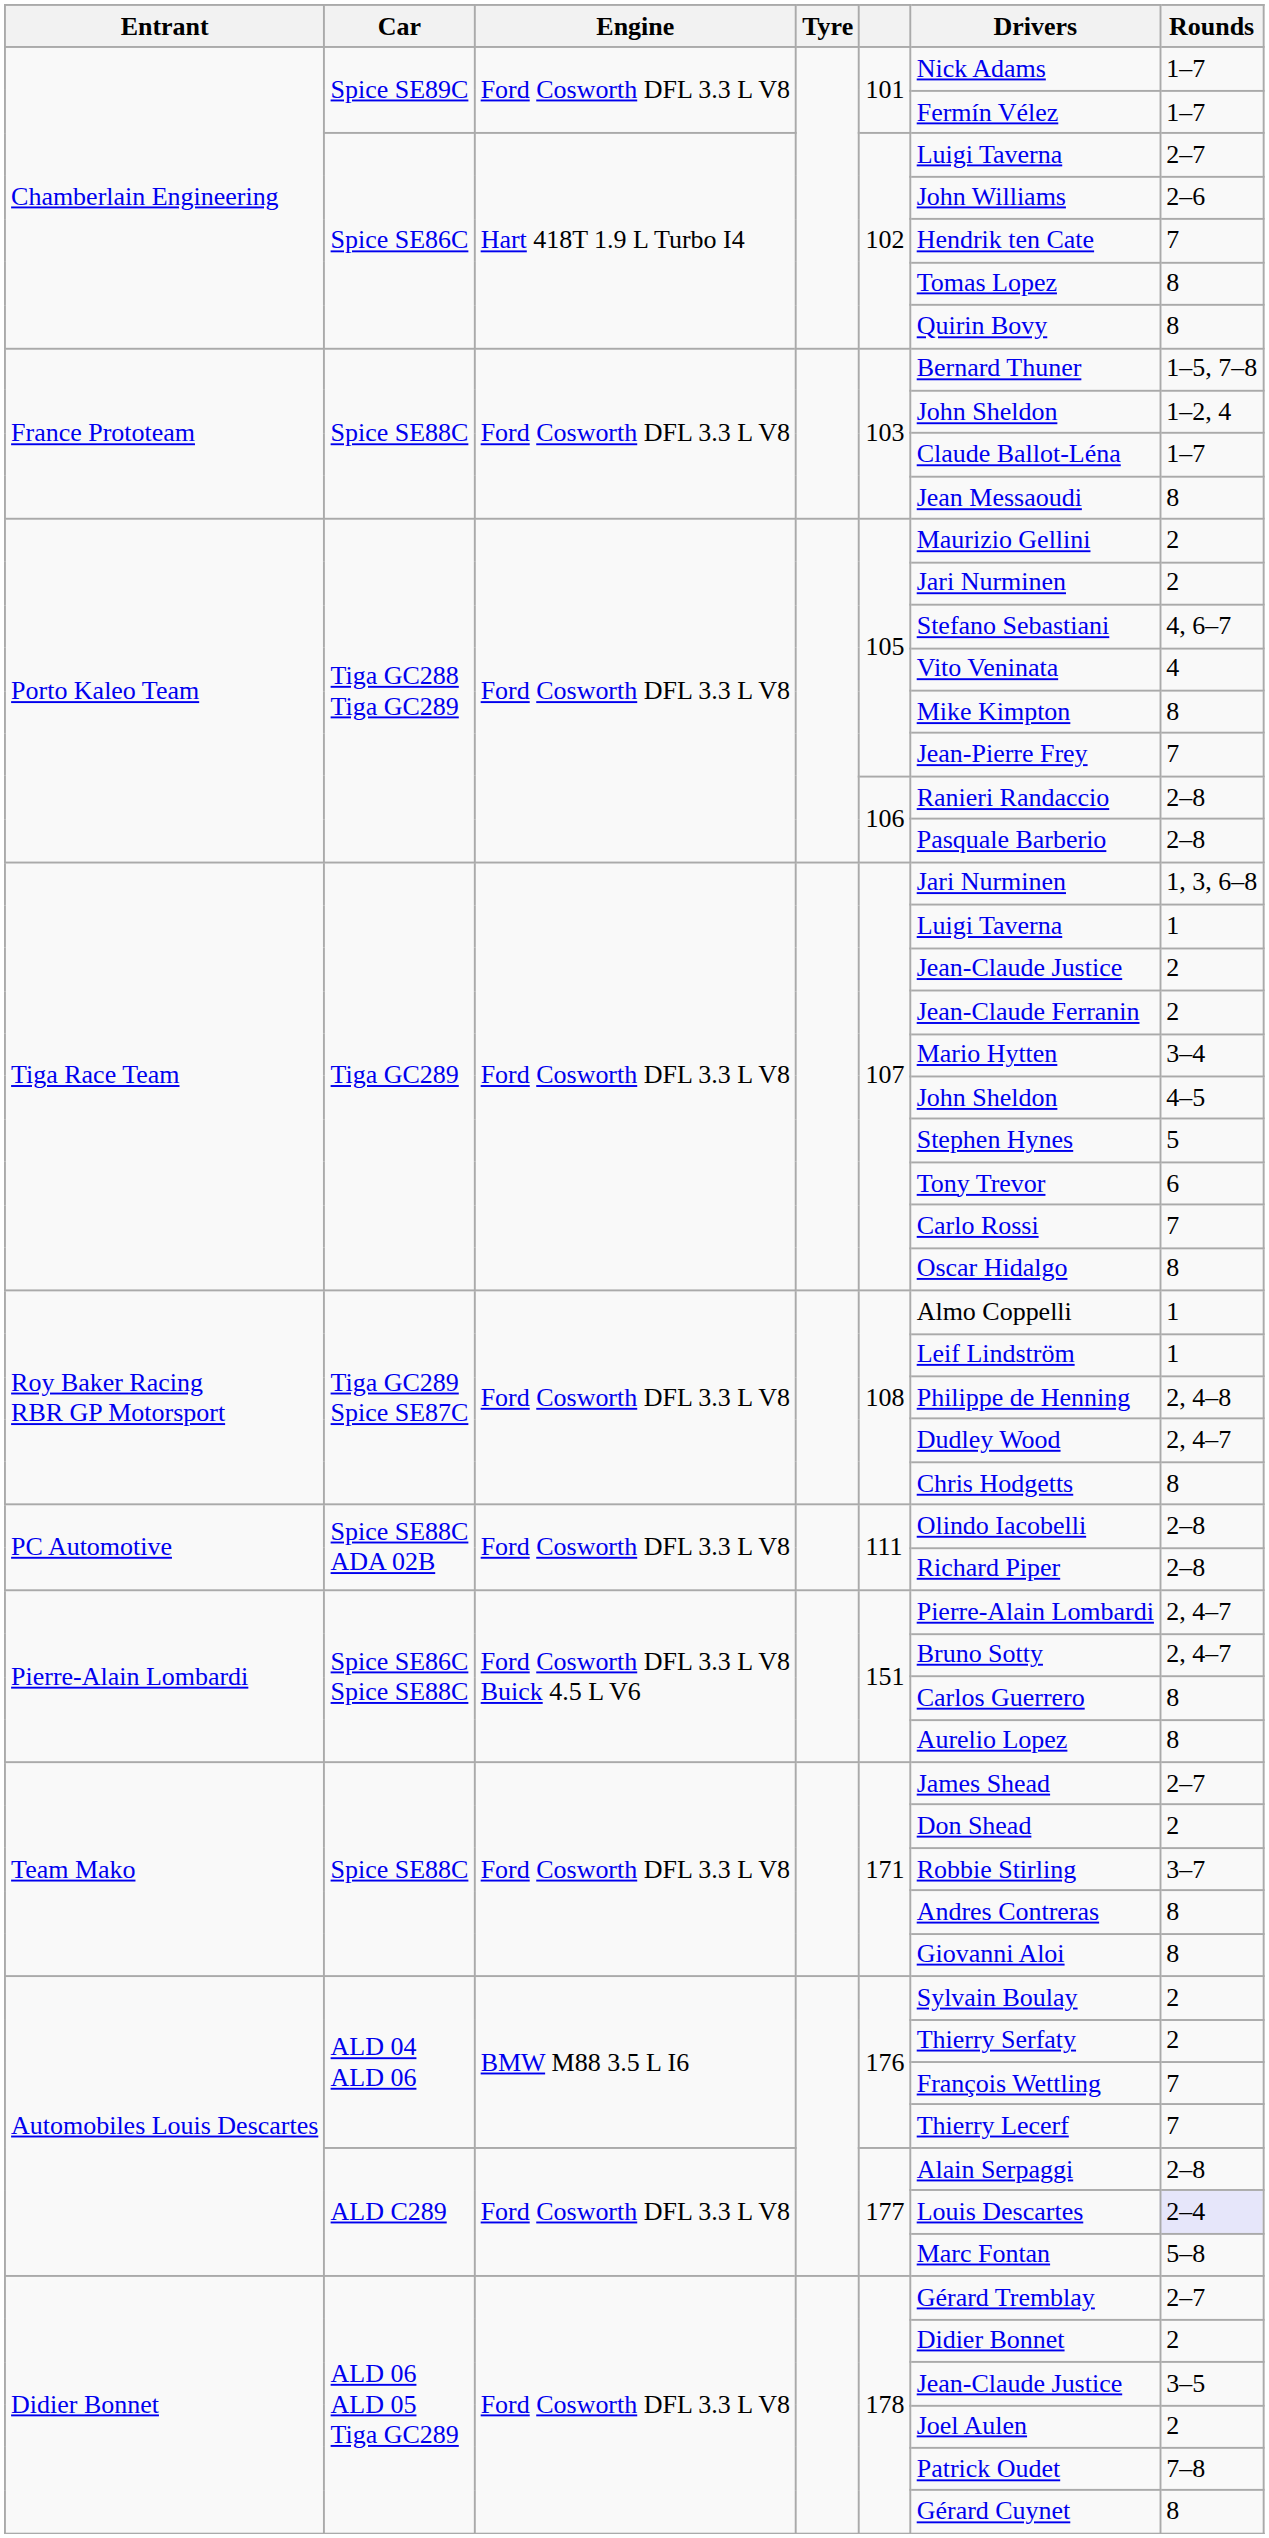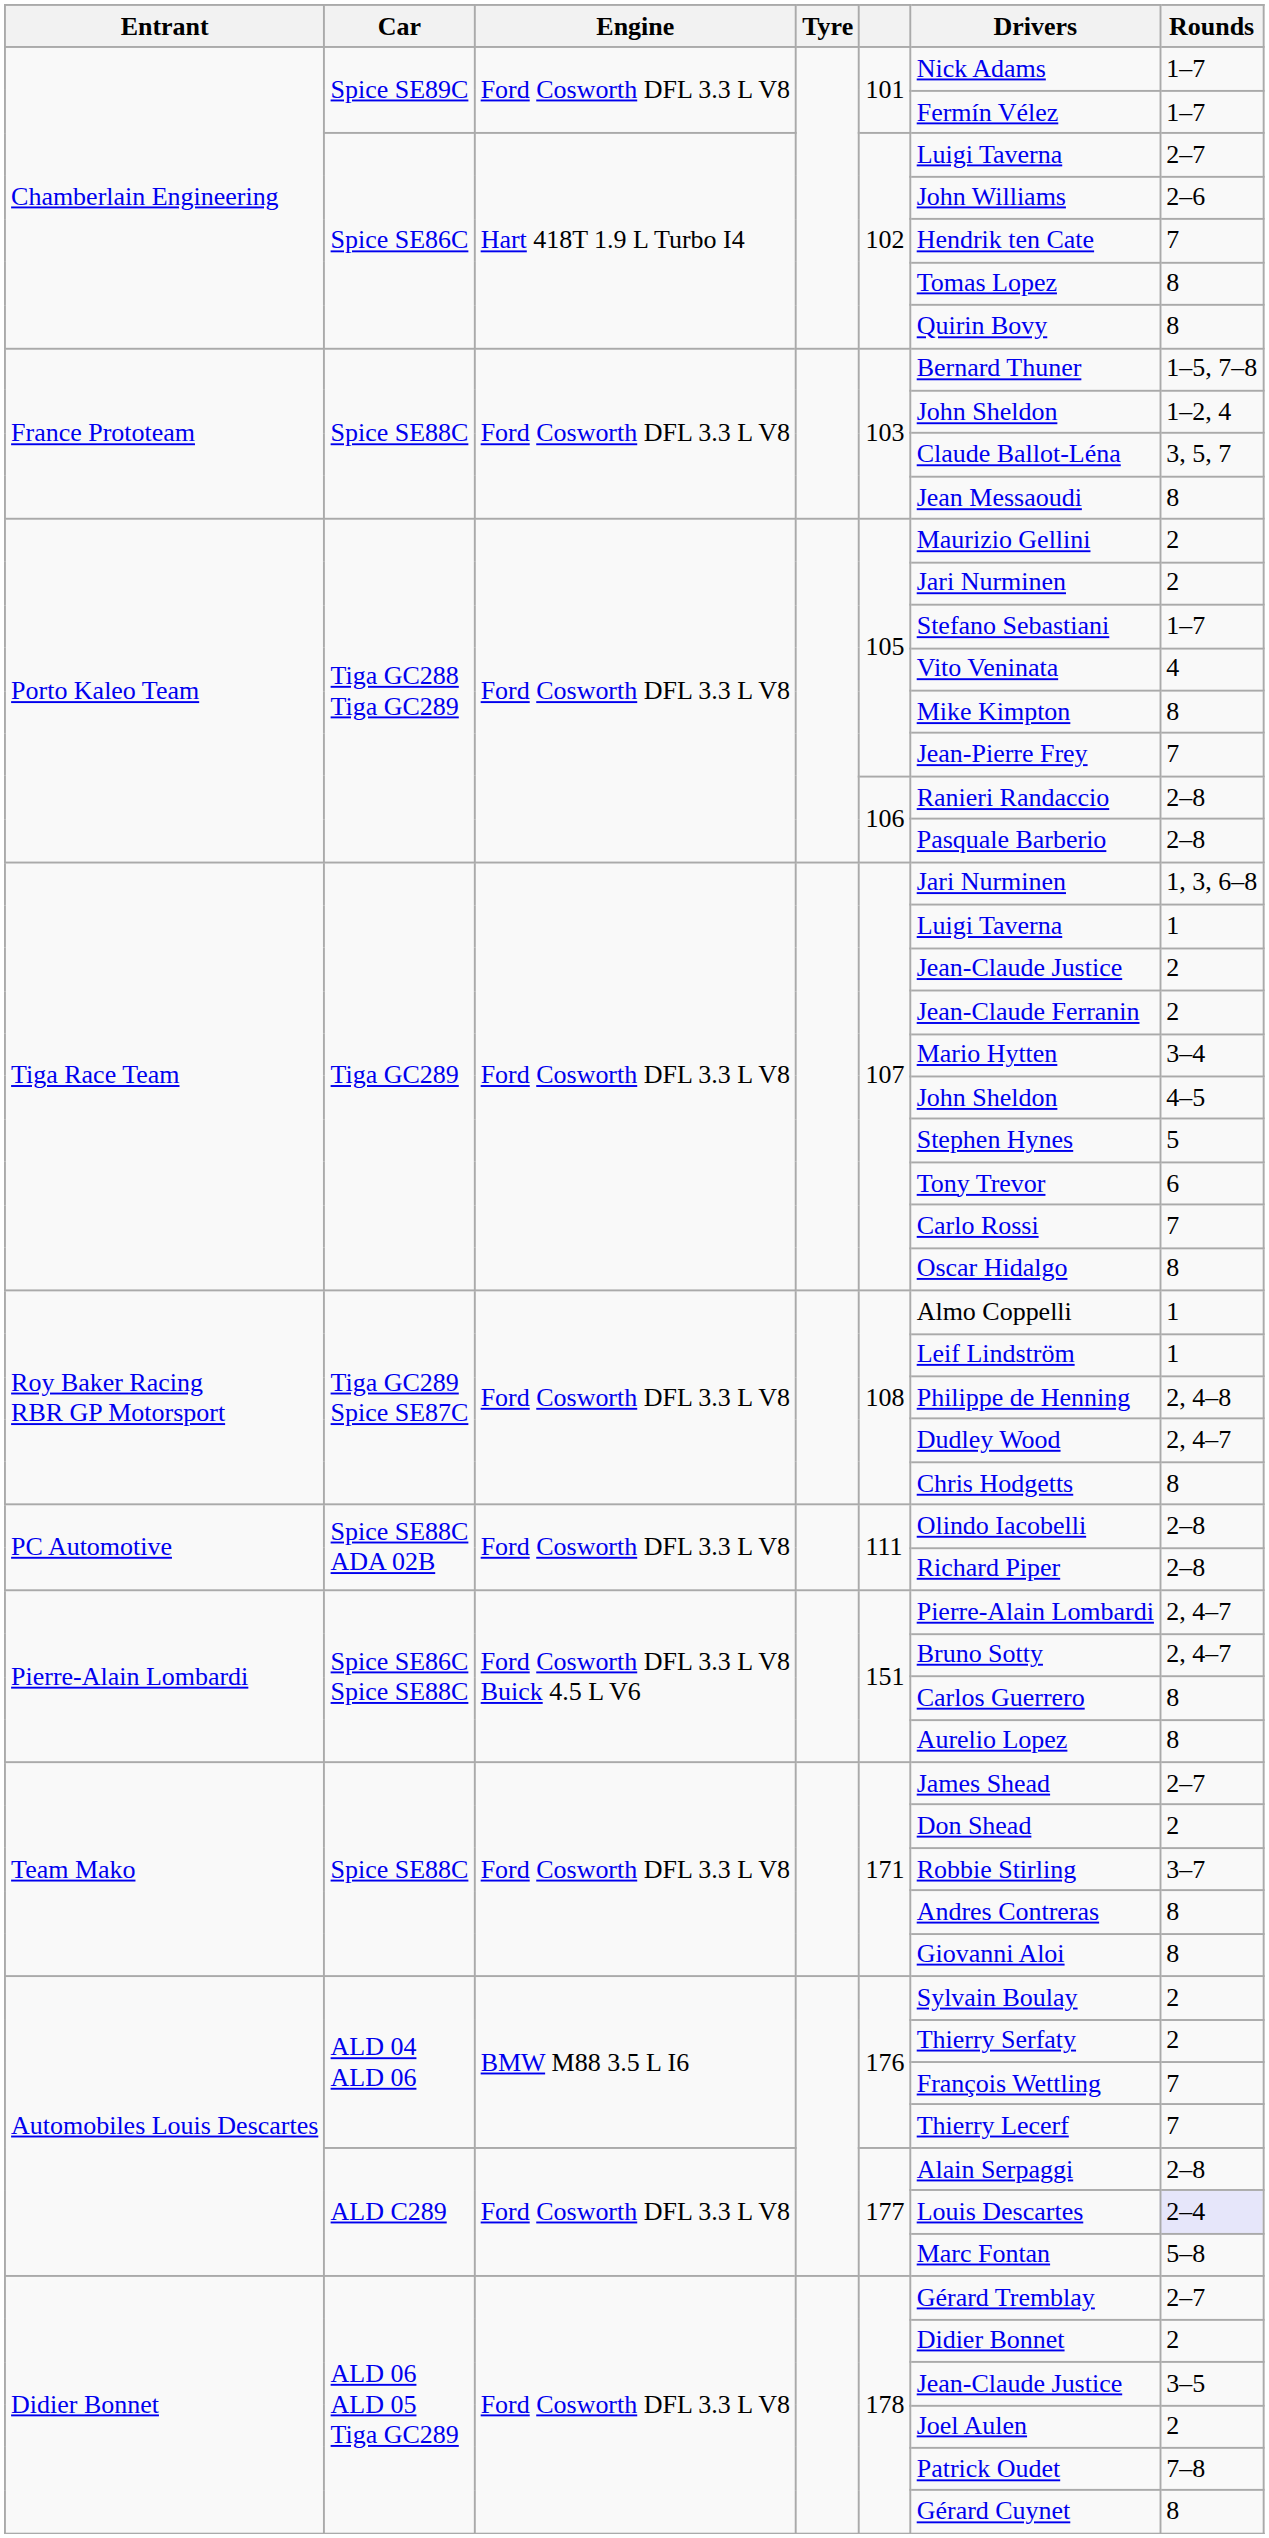 <table class="wikitable" style="font-size: 85%">
 <tr>
 <th>Entrant</th>
 <th>Car</th>
 <th>Engine</th>
 <th>Tyre</th>
 <th></th>
 <th>Drivers</th>
 <th>Rounds</th>
 </tr>
 <tr>
 <td rowspan=7> <a href='#'>Chamberlain Engineering</a></td>
 <td rowspan=2><a href='#'>Spice SE89C</a></td>
 <td rowspan=2><a href='#'>Ford</a> <a href='#'>Cosworth</a> DFL 3.3 L V8</td>
 <td rowspan=7></td>
 <td rowspan=2>101</td>
 <td> <a href='#'>Nick Adams</a></td>
 <td>1–7</td>
 </tr>
 <tr>
 <td> <a href='#'>Fermín Vélez</a></td>
 <td>1–7</td>
 </tr>
 <tr>
 <td rowspan=5><a href='#'>Spice SE86C</a></td>
 <td rowspan=5><a href='#'>Hart</a> 418T 1.9 L Turbo I4</td>
 <td rowspan=5>102</td>
 <td> <a href='#'>Luigi Taverna</a></td>
 <td>2–7</td>
 </tr>
 <tr>
 <td> <a href='#'>John Williams</a></td>
 <td>2–6</td>
 </tr>
 <tr>
 <td> <a href='#'>Hendrik ten Cate</a></td>
 <td>7</td>
 </tr>
 <tr>
 <td> <a href='#'>Tomas Lopez</a></td>
 <td>8</td>
 </tr>
 <tr>
 <td> <a href='#'>Quirin Bovy</a></td>
 <td>8</td>
 </tr>
 <tr>
 <td rowspan=4> <a href='#'>France Prototeam</a></td>
 <td rowspan=4><a href='#'>Spice SE88C</a></td>
 <td rowspan=4><a href='#'>Ford</a> <a href='#'>Cosworth</a> DFL 3.3 L V8</td>
 <td rowspan=4></td>
 <td rowspan=4>103</td>
 <td> <a href='#'>Bernard Thuner</a></td>
 <td>1–5, 7–8</td>
 </tr>
 <tr>
 <td> <a href='#'>John Sheldon</a></td>
 <td>1–2, 4</td>
 </tr>
 <tr>
 <td> <a href='#'>Claude Ballot-Léna</a></td>
-<td>1–7</td>
+<td>3, 5, 7</td>
 </tr>
 <tr>
 <td> <a href='#'>Jean Messaoudi</a></td>
 <td>8</td>
 </tr>
 <tr>
 <td rowspan=8> <a href='#'>Porto Kaleo Team</a></td>
 <td rowspan=8><a href='#'>Tiga GC288</a><br><a href='#'>Tiga GC289</a></td>
 <td rowspan=8><a href='#'>Ford</a> <a href='#'>Cosworth</a> DFL 3.3 L V8</td>
 <td rowspan=8></td>
 <td rowspan=6>105</td>
 <td> <a href='#'>Maurizio Gellini</a></td>
 <td>2</td>
 </tr>
 <tr>
 <td> <a href='#'>Jari Nurminen</a></td>
 <td>2</td>
 </tr>
 <tr>
 <td> <a href='#'>Stefano Sebastiani</a></td>
-<td>4, 6–7</td>
+<td>1–7</td>
 </tr>
 <tr>
 <td> <a href='#'>Vito Veninata</a></td>
 <td>4</td>
 </tr>
 <tr>
 <td> <a href='#'>Mike Kimpton</a></td>
 <td>8</td>
 </tr>
 <tr>
 <td> <a href='#'>Jean-Pierre Frey</a></td>
 <td>7</td>
 </tr>
 <tr>
 <td rowspan=2>106</td>
 <td> <a href='#'>Ranieri Randaccio</a></td>
 <td>2–8</td>
 </tr>
 <tr>
 <td> <a href='#'>Pasquale Barberio</a></td>
 <td>2–8</td>
 </tr>
 <tr>
 <td rowspan=10> <a href='#'>Tiga Race Team</a></td>
 <td rowspan=10><a href='#'>Tiga GC289</a></td>
 <td rowspan=10><a href='#'>Ford</a> <a href='#'>Cosworth</a> DFL 3.3 L V8</td>
 <td rowspan=10></td>
 <td rowspan=10>107</td>
 <td> <a href='#'>Jari Nurminen</a></td>
 <td>1, 3, 6–8</td>
 </tr>
 <tr>
 <td> <a href='#'>Luigi Taverna</a></td>
 <td>1</td>
 </tr>
 <tr>
 <td> <a href='#'>Jean-Claude Justice</a></td>
 <td>2</td>
 </tr>
 <tr>
 <td> <a href='#'>Jean-Claude Ferranin</a></td>
 <td>2</td>
 </tr>
 <tr>
 <td> <a href='#'>Mario Hytten</a></td>
 <td>3–4</td>
 </tr>
 <tr>
 <td> <a href='#'>John Sheldon</a></td>
 <td>4–5</td>
 </tr>
 <tr>
 <td> <a href='#'>Stephen Hynes</a></td>
 <td>5</td>
 </tr>
 <tr>
 <td> <a href='#'>Tony Trevor</a></td>
 <td>6</td>
 </tr>
 <tr>
 <td> <a href='#'>Carlo Rossi</a></td>
 <td>7</td>
 </tr>
 <tr>
 <td> <a href='#'>Oscar Hidalgo</a></td>
 <td>8</td>
 </tr>
 <tr>
 <td rowspan=5> <a href='#'>Roy Baker Racing</a><br> <a href='#'>RBR GP Motorsport</a></td>
 <td rowspan=5><a href='#'>Tiga GC289</a><br><a href='#'>Spice SE87C</a></td>
 <td rowspan=5><a href='#'>Ford</a> <a href='#'>Cosworth</a> DFL 3.3 L V8</td>
 <td rowspan=5><br></td>
 <td rowspan=5>108</td>
 <td> Almo Coppelli</td>
 <td>1</td>
 </tr>
 <tr>
 <td> <a href='#'>Leif Lindström</a></td>
 <td>1</td>
 </tr>
 <tr>
 <td> <a href='#'>Philippe de Henning</a></td>
 <td>2, 4–8</td>
 </tr>
 <tr>
 <td> <a href='#'>Dudley Wood</a></td>
 <td>2, 4–7</td>
 </tr>
 <tr>
 <td> <a href='#'>Chris Hodgetts</a></td>
 <td>8</td>
 </tr>
 <tr>
 <td rowspan=2> <a href='#'>PC Automotive</a></td>
 <td rowspan=2><a href='#'>Spice SE88C</a><br><a href='#'>ADA 02B</a></td>
 <td rowspan=2><a href='#'>Ford</a> <a href='#'>Cosworth</a> DFL 3.3 L V8</td>
 <td rowspan=2></td>
 <td rowspan=2>111</td>
 <td> <a href='#'>Olindo Iacobelli</a></td>
 <td>2–8</td>
 </tr>
 <tr>
 <td> <a href='#'>Richard Piper</a></td>
 <td>2–8</td>
 </tr>
 <tr>
 <td rowspan=4> <a href='#'>Pierre-Alain Lombardi</a></td>
 <td rowspan=4><a href='#'>Spice SE86C</a><br><a href='#'>Spice SE88C</a></td>
 <td rowspan=4><a href='#'>Ford</a> <a href='#'>Cosworth</a> DFL 3.3 L V8<br><a href='#'>Buick</a> 4.5 L V6</td>
 <td rowspan=4></td>
 <td rowspan=4>151</td>
 <td> <a href='#'>Pierre-Alain Lombardi</a></td>
 <td>2, 4–7</td>
 </tr>
 <tr>
 <td> <a href='#'>Bruno Sotty</a></td>
 <td>2, 4–7</td>
 </tr>
 <tr>
 <td> <a href='#'>Carlos Guerrero</a></td>
 <td>8</td>
 </tr>
 <tr>
 <td> <a href='#'>Aurelio Lopez</a></td>
 <td>8</td>
 </tr>
 <tr>
 <td rowspan=5> <a href='#'>Team Mako</a></td>
 <td rowspan=5><a href='#'>Spice SE88C</a></td>
 <td rowspan=5><a href='#'>Ford</a> <a href='#'>Cosworth</a> DFL 3.3 L V8</td>
 <td rowspan=5></td>
 <td rowspan=5>171</td>
 <td> <a href='#'>James Shead</a></td>
 <td>2–7</td>
 </tr>
 <tr>
 <td> <a href='#'>Don Shead</a></td>
 <td>2</td>
 </tr>
 <tr>
 <td> <a href='#'>Robbie Stirling</a></td>
 <td>3–7</td>
 </tr>
 <tr>
 <td> <a href='#'>Andres Contreras</a></td>
 <td>8</td>
 </tr>
 <tr>
 <td> <a href='#'>Giovanni Aloi</a></td>
 <td>8</td>
 </tr>
 <tr>
 <td rowspan=7> <a href='#'>Automobiles Louis Descartes</a></td>
 <td rowspan=4><a href='#'>ALD 04</a><br><a href='#'>ALD 06</a></td>
 <td rowspan=4><a href='#'>BMW</a> M88 3.5 L I6</td>
 <td rowspan=7></td>
 <td rowspan=4>176</td>
 <td> <a href='#'>Sylvain Boulay</a></td>
 <td>2</td>
 </tr>
 <tr>
 <td> <a href='#'>Thierry Serfaty</a></td>
 <td>2</td>
 </tr>
 <tr>
 <td> <a href='#'>François Wettling</a></td>
 <td>7</td>
 </tr>
 <tr>
 <td> <a href='#'>Thierry Lecerf</a></td>
 <td>7</td>
 </tr>
 <tr>
 <td rowspan=3><a href='#'>ALD C289</a></td>
 <td rowspan=3><a href='#'>Ford</a> <a href='#'>Cosworth</a> DFL 3.3 L V8</td>
 <td rowspan=3>177</td>
 <td> <a href='#'>Alain Serpaggi</a></td>
 <td>2–8</td>
 </tr>
 <tr>
 <td> <a href='#'>Louis Descartes</a></td>
 <td style="background: lavender;">2–4</td>
 </tr>
 <tr>
 <td> <a href='#'>Marc Fontan</a></td>
 <td>5–8</td>
 </tr>
 <tr>
 <td rowspan=6> <a href='#'>Didier Bonnet</a></td>
 <td rowspan=6><a href='#'>ALD 06</a><br><a href='#'>ALD 05</a><br><a href='#'>Tiga GC289</a></td>
 <td rowspan=6><a href='#'>Ford</a> <a href='#'>Cosworth</a> DFL 3.3 L V8</td>
 <td rowspan=6></td>
 <td rowspan=6>178</td>
 <td> <a href='#'>Gérard Tremblay</a></td>
 <td>2–7</td>
 </tr>
 <tr>
 <td> <a href='#'>Didier Bonnet</a></td>
 <td>2</td>
 </tr>
 <tr>
 <td> <a href='#'>Jean-Claude Justice</a></td>
 <td>3–5</td>
 </tr>
 <tr>
 <td> <a href='#'>Joel Aulen</a></td>
 <td>2</td>
 </tr>
 <tr>
 <td> <a href='#'>Patrick Oudet</a></td>
 <td>7–8</td>
 </tr>
 <tr>
 <td> <a href='#'>Gérard Cuynet</a></td>
 <td>8</td>
 </tr>
 <tr>
 </tr>
 </table>
